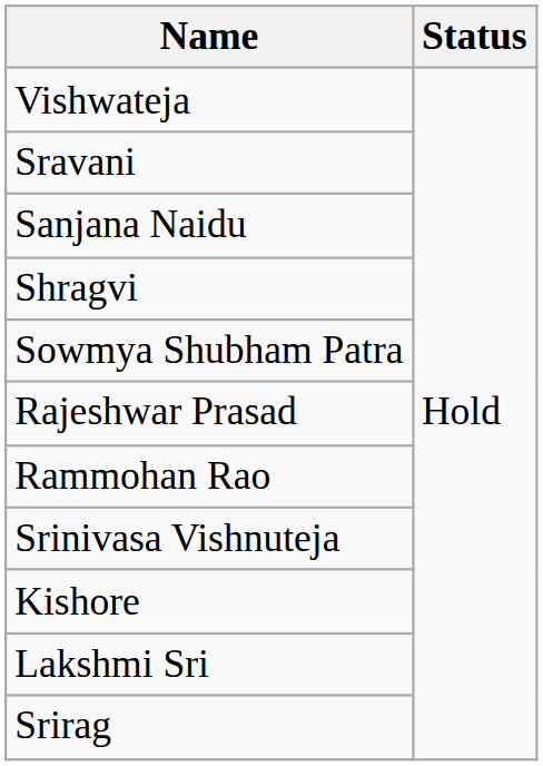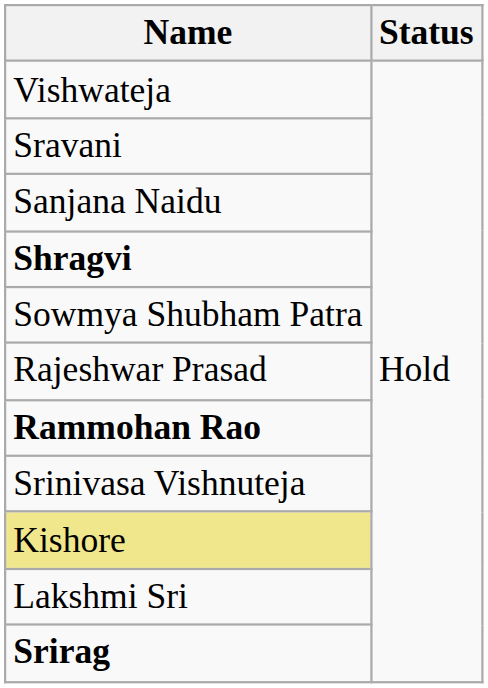 <table class="wikitable">
 <tr>
 <th>Name</th>
 <th>Status</th>
 </tr>
 <tr>
 <td>Vishwateja</td>
 <td rowspan="11">Hold</td>
 </tr>
 <tr>
 <td>Sravani</td>
 </tr>
 <tr>
 <td>Sanjana Naidu</td>
 </tr>
 <tr>
-<td>Shragvi</td>
+<td><strong>Shragvi</strong></td>
 </tr>
 <tr>
 <td>Sowmya Shubham Patra</td>
 </tr>
 <tr>
 <td>Rajeshwar Prasad</td>
 </tr>
 <tr>
-<td>Rammohan Rao</td>
+<td><strong>Rammohan Rao</strong></td>
 </tr>
 <tr>
 <td>Srinivasa Vishnuteja</td>
 </tr>
 <tr>
-<td>Kishore</td>
+<td style="background: khaki;">Kishore</td>
 </tr>
 <tr>
 <td>Lakshmi Sri</td>
 </tr>
 <tr>
-<td>Srirag</td>
+<td><strong>Srirag</strong></td>
 </tr>
 </table>
